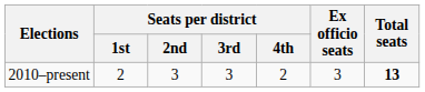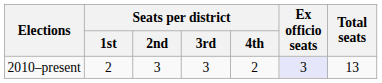 <table class="wikitable" style="text-align:center">
 <tr>
 <th rowspan="2">Elections</th>
 <th colspan="4">Seats per district</th>
 <th rowspan="2" width="50px">Ex officio seats</th>
 <th rowspan="2" width="50px">Total seats</th>
 </tr>
 <tr>
 <th width="50px">1st</th>
 <th width="50px">2nd</th>
 <th width="50px">3rd</th>
 <th width="50px">4th</th>
 </tr>
 <tr>
 <td>2010–present</td>
 <td>2</td>
 <td>3</td>
 <td>3</td>
 <td>2</td>
-<td>3</td>
-<td><strong>13</strong></td>
+<td style="background: lavender;">3</td>
+<td>13</td>
 </tr>
 </table>
